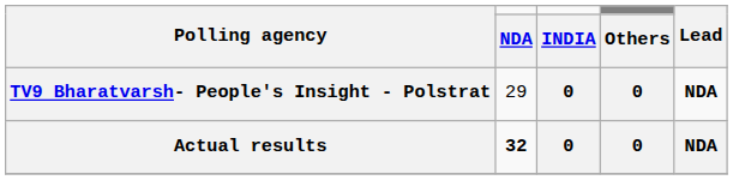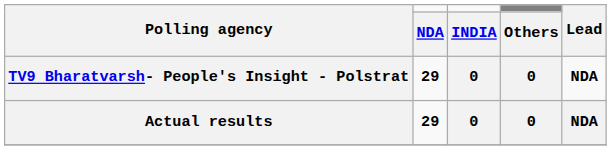 <table class="wikitable" style="text-align:center;font-size:95%;line-height:30px;">
 <tr>
 <th rowspan="2" class="wikitable">Polling agency</th>
 <td></td>
 <td></td>
 <td style="background:grey;"></td>
 <th rowspan="2">Lead</th>
 </tr>
 <tr>
 <th class="wikitable"><a href='#'>NDA</a></th>
 <th class="wikitable"><a href='#'>INDIA</a></th>
 <th class="wikitable">Others</th>
 </tr>
 <tr>
 <th><a href='#'>TV9 Bharatvarsh</a>- People's Insight - Polstrat</th>
-<td>29</td>
+<td><strong>29</strong></td>
 <th>0</th>
 <th>0</th>
 <td><strong>NDA</strong></td>
 </tr>
 <tr>
 <th>Actual results</th>
-<td bgcolor=><strong>32</strong></td>
+<td bgcolor=><strong>29</strong></td>
 <th>0</th>
 <th>0</th>
 <th style="background:"><strong>NDA</strong></th>
 </tr>
 <tr>
 </tr>
 </table>
